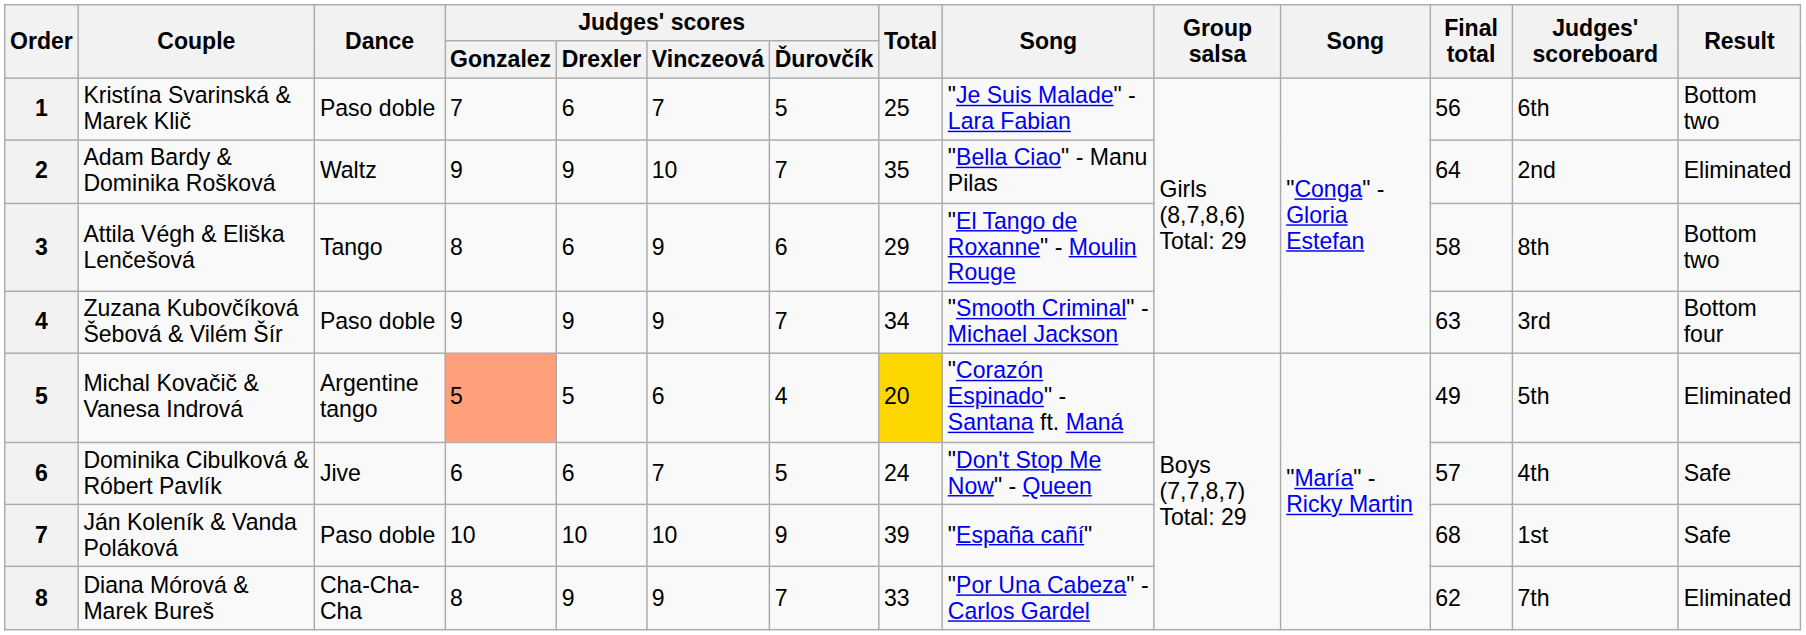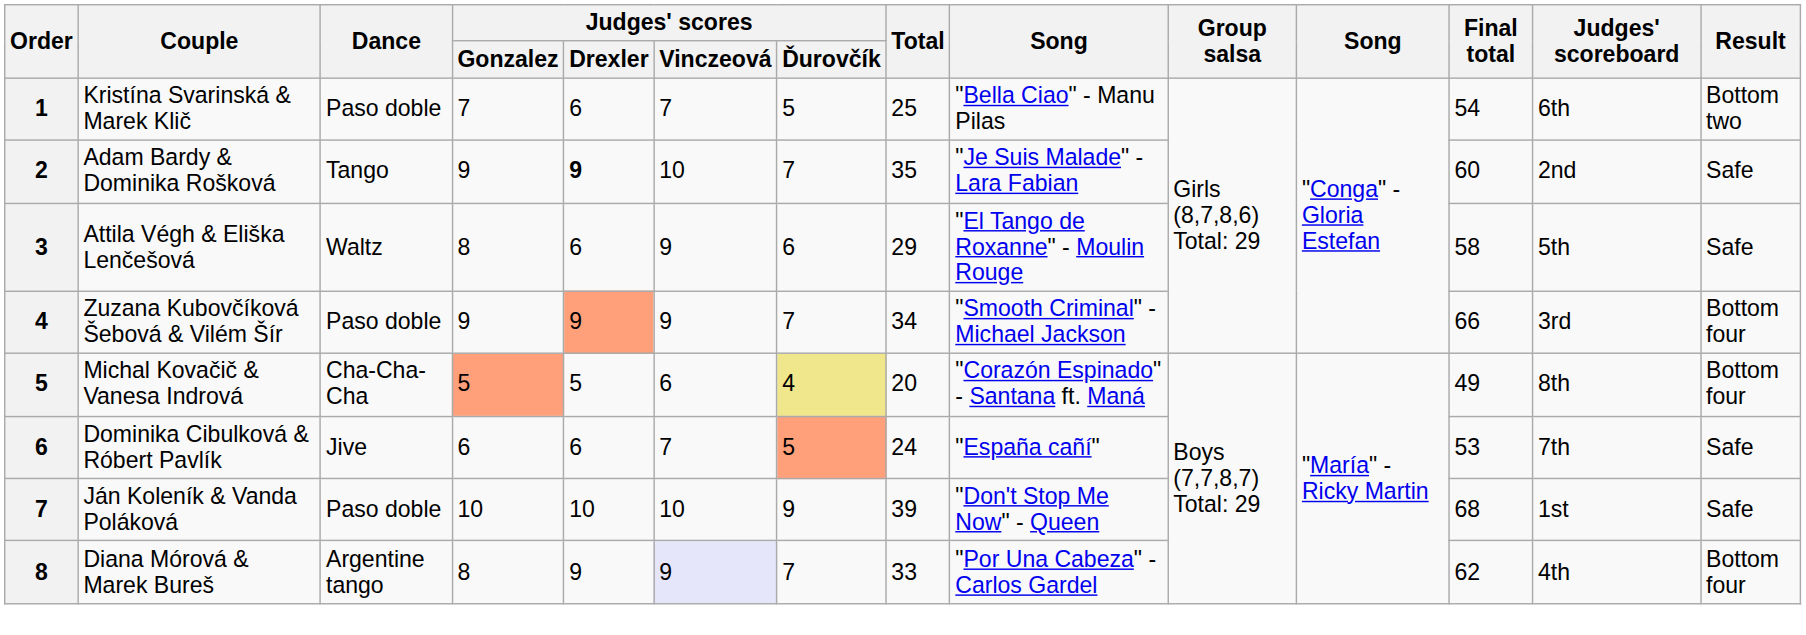 <table class="wikitable">
 <tr>
 <th rowspan="2">Order</th>
 <th rowspan="2">Couple</th>
 <th rowspan="2">Dance</th>
 <th colspan="4">Judges' scores</th>
 <th rowspan="2">Total</th>
 <th rowspan="2">Song</th>
 <th rowspan="2">Group salsa</th>
 <th rowspan="2">Song</th>
 <th rowspan="2">Final total</th>
 <th rowspan="2">Judges' scoreboard</th>
 <th rowspan="2">Result</th>
 </tr>
 <tr>
 <th>Gonzalez</th>
 <th>Drexler</th>
 <th>Vinczeová</th>
 <th>Ďurovčík</th>
 </tr>
 <tr>
 <th>1</th>
 <td>Kristína Svarinská & Marek Klič</td>
 <td>Paso doble</td>
 <td>7</td>
 <td>6</td>
 <td>7</td>
 <td>5</td>
 <td>25</td>
-<td>"<a href='#'>Je Suis Malade</a>" - <a href='#'>Lara Fabian</a></td>
+<td>"<a href='#'>Bella Ciao</a>" - Manu Pilas</td>
 <td rowspan="4">Girls<br>(8,7,8,6) Total: 29</td>
 <td rowspan="4">"<a href='#'>Conga</a>" - <a href='#'>Gloria Estefan</a></td>
-<td>56</td>
+<td>54</td>
 <td>6th</td>
 <td>Bottom two</td>
 </tr>
 <tr>
 <th>2</th>
 <td>Adam Bardy & Dominika Rošková</td>
-<td>Waltz</td>
+<td>Tango</td>
 <td>9</td>
-<td>9</td>
+<td><strong>9</strong></td>
 <td>10</td>
 <td>7</td>
 <td>35</td>
-<td>"<a href='#'>Bella Ciao</a>" - Manu Pilas</td>
-<td>64</td>
+<td>"<a href='#'>Je Suis Malade</a>" - <a href='#'>Lara Fabian</a></td>
+<td>60</td>
 <td>2nd</td>
-<td>Eliminated</td>
+<td>Safe</td>
 </tr>
 <tr>
 <th>3</th>
 <td>Attila Végh & Eliška Lenčešová</td>
-<td>Tango</td>
+<td>Waltz</td>
 <td>8</td>
 <td>6</td>
 <td>9</td>
 <td>6</td>
 <td>29</td>
 <td>"<a href='#'>El Tango de Roxanne</a>" - <a href='#'>Moulin Rouge</a></td>
 <td>58</td>
-<td>8th</td>
-<td>Bottom two</td>
+<td>5th</td>
+<td>Safe</td>
 </tr>
 <tr>
 <th>4</th>
 <td>Zuzana Kubovčíková Šebová & Vilém Šír</td>
 <td>Paso doble</td>
 <td>9</td>
-<td>9</td>
+<td style="background: lightsalmon;">9</td>
 <td>9</td>
 <td>7</td>
 <td>34</td>
 <td>"<a href='#'>Smooth Criminal</a>" - <a href='#'>Michael Jackson</a></td>
-<td>63</td>
+<td>66</td>
 <td>3rd</td>
 <td>Bottom four</td>
 </tr>
 <tr>
 <th>5</th>
 <td>Michal Kovačič & Vanesa Indrová</td>
-<td>Argentine tango</td>
+<td>Cha-Cha-Cha</td>
 <td style="background: lightsalmon;">5</td>
 <td>5</td>
 <td>6</td>
-<td>4</td>
-<td style="background: gold;">20</td>
+<td style="background: khaki;">4</td>
+<td>20</td>
 <td>"<a href='#'>Corazón Espinado</a>" - <a href='#'>Santana</a> ft. <a href='#'>Maná</a></td>
 <td rowspan="4">Boys<br>(7,7,8,7)  Total: 29</td>
 <td rowspan="4">"<a href='#'>María</a>" - <a href='#'>Ricky Martin</a></td>
 <td>49</td>
-<td>5th</td>
-<td>Eliminated</td>
+<td>8th</td>
+<td>Bottom four</td>
 </tr>
 <tr>
 <th>6</th>
 <td>Dominika Cibulková & Róbert Pavlík</td>
 <td>Jive</td>
 <td>6</td>
 <td>6</td>
 <td>7</td>
-<td>5</td>
+<td style="background: lightsalmon;">5</td>
 <td>24</td>
-<td>"<a href='#'>Don't Stop Me Now</a>" - <a href='#'>Queen</a></td>
-<td>57</td>
-<td>4th</td>
+<td>"<a href='#'>España cañí</a>"</td>
+<td>53</td>
+<td>7th</td>
 <td>Safe</td>
 </tr>
 <tr>
 <th>7</th>
 <td>Ján Koleník & Vanda Poláková</td>
 <td>Paso doble</td>
 <td>10</td>
 <td>10</td>
 <td>10</td>
 <td>9</td>
 <td>39</td>
-<td>"<a href='#'>España cañí</a>"</td>
+<td>"<a href='#'>Don't Stop Me Now</a>" - <a href='#'>Queen</a></td>
 <td>68</td>
 <td>1st</td>
 <td>Safe</td>
 </tr>
 <tr>
 <th>8</th>
 <td>Diana Mórová & Marek Bureš</td>
-<td>Cha-Cha-Cha</td>
+<td>Argentine tango</td>
 <td>8</td>
 <td>9</td>
-<td>9</td>
+<td style="background: lavender;">9</td>
 <td>7</td>
 <td>33</td>
 <td>"<a href='#'>Por Una Cabeza</a>" - <a href='#'>Carlos Gardel</a></td>
 <td>62</td>
-<td>7th</td>
-<td>Eliminated</td>
+<td>4th</td>
+<td>Bottom four</td>
 </tr>
 </table>
